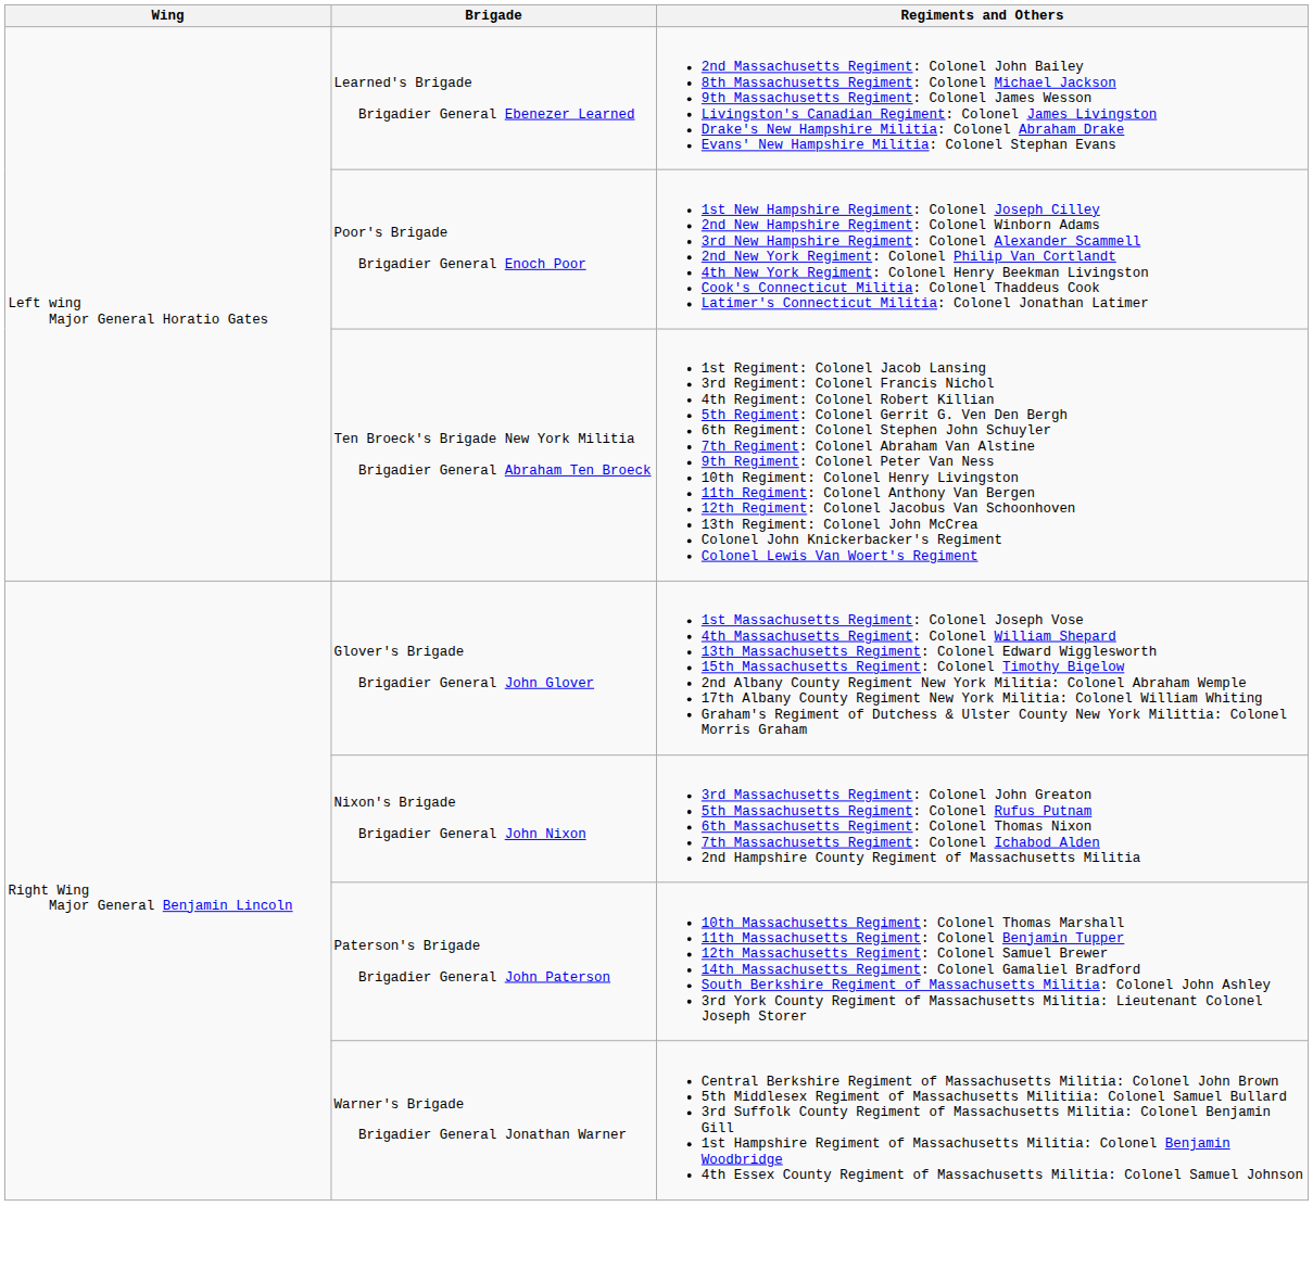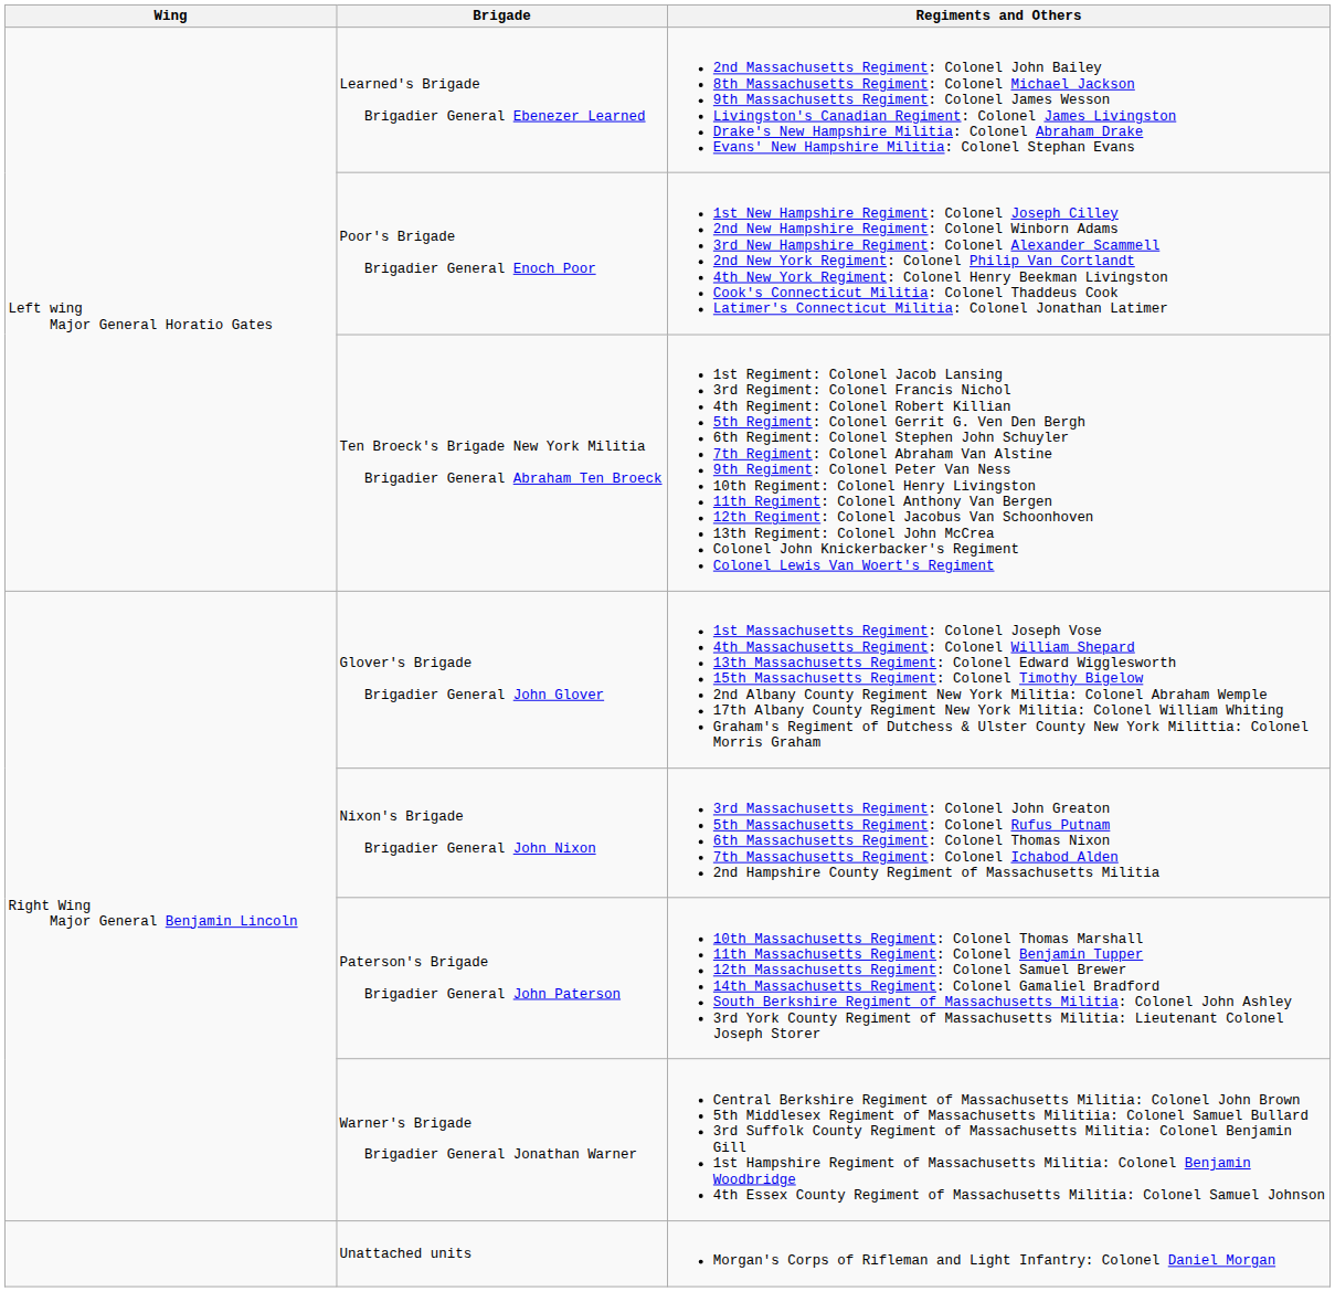 <table class="wikitable">
 <tr>
 <th width=25%>Wing</th>
 <th width=25%>Brigade</th>
 <th>Regiments and Others</th>
 </tr>
 <tr>
 <td rowspan=3><br>Left wing <br>     Major General Horatio Gates</td>
 <td>Learned's Brigade<br><br>   Brigadier General <a href='#'>Ebenezer Learned</a></td>
 <td><br><ul><li><a href='#'>2nd Massachusetts Regiment</a>: Colonel John Bailey</li><li><a href='#'>8th Massachusetts Regiment</a>: Colonel <a href='#'>Michael Jackson</a></li><li><a href='#'>9th Massachusetts Regiment</a>: Colonel James Wesson</li><li><a href='#'>Livingston's Canadian Regiment</a>: Colonel <a href='#'>James Livingston</a></li><li><a href='#'>Drake's New Hampshire Militia</a>: Colonel <a href='#'>Abraham Drake</a></li><li><a href='#'>Evans' New Hampshire Militia</a>: Colonel Stephan Evans</li></ul></td>
 </tr>
 <tr>
 <td>Poor's Brigade<br><br>   Brigadier General <a href='#'>Enoch Poor</a></td>
 <td><br><ul><li><a href='#'>1st New Hampshire Regiment</a>: Colonel <a href='#'>Joseph Cilley</a></li><li><a href='#'>2nd New Hampshire Regiment</a>: Colonel Winborn Adams</li><li><a href='#'>3rd New Hampshire Regiment</a>: Colonel <a href='#'>Alexander Scammell</a></li><li><a href='#'>2nd New York Regiment</a>: Colonel <a href='#'>Philip Van Cortlandt</a></li><li><a href='#'>4th New York Regiment</a>: Colonel Henry Beekman Livingston</li><li><a href='#'>Cook's Connecticut Militia</a>: Colonel Thaddeus Cook</li><li><a href='#'>Latimer's Connecticut Militia</a>: Colonel Jonathan Latimer</li></ul></td>
 </tr>
 <tr>
 <td>Ten Broeck's Brigade New York Militia<br><br>   Brigadier General <a href='#'>Abraham Ten Broeck</a></td>
 <td><br><ul><li>1st Regiment: Colonel Jacob Lansing</li><li>3rd Regiment: Colonel Francis Nichol</li><li>4th Regiment: Colonel Robert Killian</li><li><a href='#'>5th Regiment</a>: Colonel Gerrit G. Ven Den Bergh</li><li>6th Regiment: Colonel Stephen John Schuyler</li><li><a href='#'>7th Regiment</a>: Colonel Abraham Van Alstine</li><li><a href='#'>9th Regiment</a>: Colonel Peter Van Ness</li><li>10th Regiment: Colonel Henry Livingston</li><li><a href='#'>11th Regiment</a>: Colonel Anthony Van Bergen</li><li><a href='#'>12th Regiment</a>: Colonel Jacobus Van Schoonhoven</li><li>13th Regiment: Colonel John McCrea</li><li>Colonel John Knickerbacker's Regiment</li><li><a href='#'>Colonel Lewis Van Woert's Regiment</a></li></ul></td>
 </tr>
 <tr>
 <td rowspan=4><br>Right Wing <br>     Major General <a href='#'>Benjamin Lincoln</a></td>
 <td>Glover's Brigade<br><br>   Brigadier General <a href='#'>John Glover</a></td>
 <td><br><ul><li><a href='#'>1st Massachusetts Regiment</a>: Colonel Joseph Vose</li><li><a href='#'>4th Massachusetts Regiment</a>: Colonel <a href='#'>William Shepard</a></li><li><a href='#'>13th Massachusetts Regiment</a>: Colonel Edward Wigglesworth</li><li><a href='#'>15th Massachusetts Regiment</a>: Colonel <a href='#'>Timothy Bigelow</a></li><li>2nd Albany County Regiment New York Militia: Colonel Abraham Wemple</li><li>17th Albany County Regiment New York Militia: Colonel William Whiting</li><li>Graham's Regiment of Dutchess & Ulster County New York Milittia: Colonel Morris Graham</li></ul></td>
 </tr>
 <tr>
 <td>Nixon's Brigade<br><br>   Brigadier General <a href='#'>John Nixon</a></td>
 <td><br><ul><li><a href='#'>3rd Massachusetts Regiment</a>: Colonel John Greaton</li><li><a href='#'>5th Massachusetts Regiment</a>: Colonel <a href='#'>Rufus Putnam</a></li><li><a href='#'>6th Massachusetts Regiment</a>: Colonel Thomas Nixon</li><li><a href='#'>7th Massachusetts Regiment</a>: Colonel <a href='#'>Ichabod Alden</a></li><li>2nd Hampshire County Regiment of Massachusetts Militia</li></ul></td>
 </tr>
 <tr>
 <td>Paterson's Brigade<br><br>   Brigadier General <a href='#'>John Paterson</a></td>
 <td><br><ul><li><a href='#'>10th Massachusetts Regiment</a>: Colonel Thomas Marshall</li><li><a href='#'>11th Massachusetts Regiment</a>: Colonel <a href='#'>Benjamin Tupper</a></li><li><a href='#'>12th Massachusetts Regiment</a>: Colonel Samuel Brewer</li><li><a href='#'>14th Massachusetts Regiment</a>: Colonel Gamaliel Bradford</li><li><a href='#'>South Berkshire Regiment of Massachusetts Militia</a>: Colonel John Ashley</li><li>3rd York County Regiment of Massachusetts Militia: Lieutenant Colonel Joseph Storer</li></ul></td>
 </tr>
 <tr>
 <td>Warner's Brigade<br><br>   Brigadier General Jonathan Warner</td>
 <td><br><ul><li>Central Berkshire Regiment of Massachusetts Militia: Colonel John Brown</li><li>5th Middlesex Regiment of Massachusetts Militiia: Colonel Samuel Bullard</li><li>3rd Suffolk County Regiment of Massachusetts Militia: Colonel Benjamin Gill</li><li>1st Hampshire Regiment of Massachusetts Militia: Colonel <a href='#'>Benjamin Woodbridge</a></li><li>4th Essex County Regiment of Massachusetts Militia: Colonel Samuel Johnson</li></ul></td>
 </tr>
+<tr>
+<td></td>
+<td>Unattached units</td>
+<td><br><ul><li>Morgan's Corps of Rifleman and Light Infantry: Colonel <a href='#'>Daniel Morgan</a></li></ul></td>
+</tr>
 </table>
